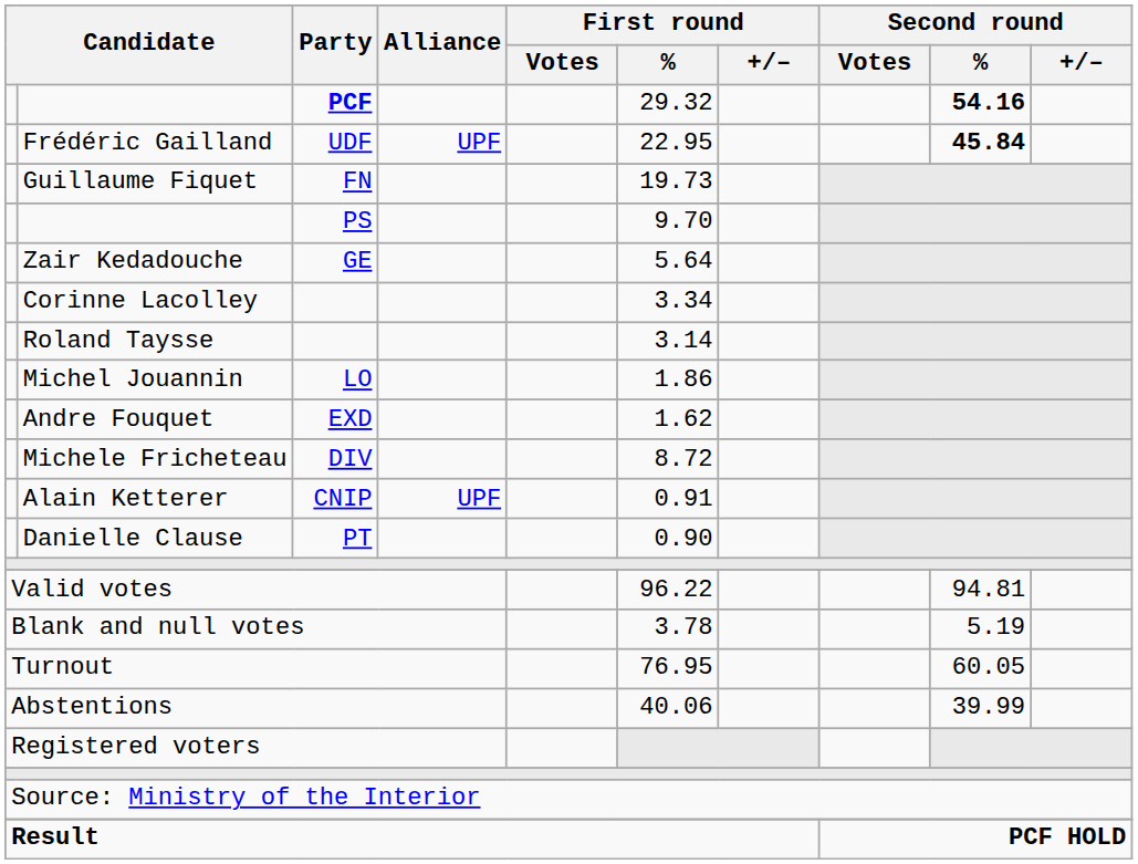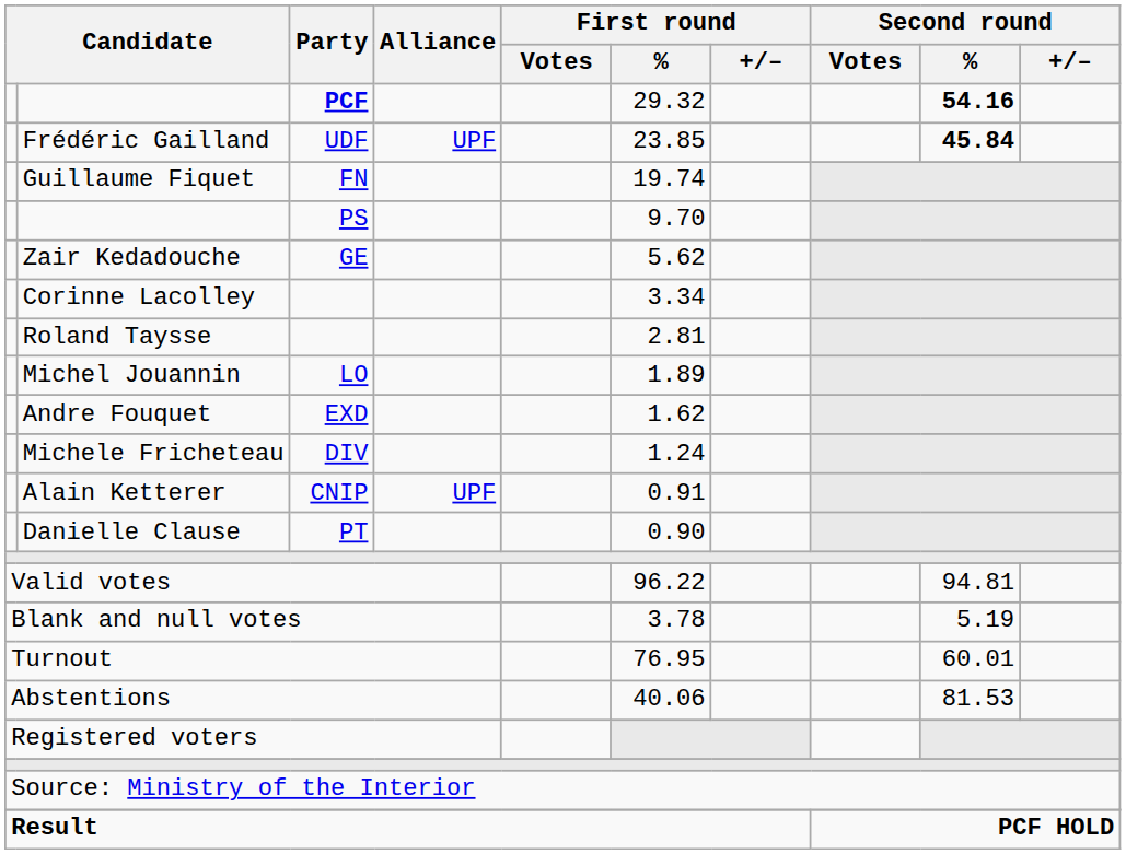 <table class="wikitable" style="text-align:right;font-size:95%;">
 <tr>
 <th rowspan="2" colspan="2">Candidate</th>
 <th rowspan="2">Party</th>
 <th rowspan="2">Alliance</th>
 <th colspan="3">First round</th>
 <th colspan="3">Second round</th>
 </tr>
 <tr>
 <th style="width:50px;">Votes</th>
 <th style="width:45px;">%</th>
 <th style="width:45px;">+/–</th>
 <th style="width:50px;">Votes</th>
 <th style="width:45px;">%</th>
 <th style="width:45px;">+/–</th>
 </tr>
 <tr>
 <td style="color:inherit;background:"></td>
 <td style="text-align:left;"><strong></strong></td>
 <td><a href='#'><strong>PCF</strong></a> </td>
 <td></td>
 <td></td>
 <td>29.32</td>
 <td></td>
 <td><strong></strong></td>
 <td><strong>54.16</strong></td>
 <td></td>
 </tr>
 <tr>
 <td style="color:inherit;background:"></td>
 <td style="text-align:left;">Frédéric Gailland</td>
 <td><a href='#'>UDF</a> </td>
 <td><a href='#'>UPF</a> </td>
 <td></td>
-<td>22.95</td>
+<td>23.85</td>
 <td></td>
 <td></td>
 <td><strong>45.84</strong></td>
 <td></td>
 </tr>
 <tr>
 <td style="color:inherit;background:"></td>
 <td style="text-align:left;">Guillaume Fiquet</td>
 <td><a href='#'>FN</a></td>
 <td></td>
 <td></td>
-<td>19.73</td>
+<td>19.74</td>
 <td></td>
 <td colspan="3" style="background:#E9E9E9;"></td>
 </tr>
 <tr>
 <td style="color:inherit;background:"></td>
 <td style="text-align:left;"></td>
 <td><a href='#'>PS</a></td>
 <td></td>
 <td></td>
 <td>9.70</td>
 <td></td>
 <td colspan="3" style="background:#E9E9E9;"></td>
 </tr>
 <tr>
 <td style="color:inherit;background:"></td>
 <td style="text-align:left;">Zair Kedadouche</td>
 <td><a href='#'>GE</a></td>
 <td></td>
 <td></td>
-<td>5.64</td>
+<td>5.62</td>
 <td></td>
 <td colspan="3" style="background:#E9E9E9;"></td>
 </tr>
 <tr>
 <td style="color:inherit;background:"></td>
 <td style="text-align:left;">Corinne Lacolley</td>
 <td></td>
 <td></td>
 <td></td>
 <td>3.34</td>
 <td></td>
 <td colspan="3" style="background:#E9E9E9;"></td>
 </tr>
 <tr>
 <td style="color:inherit;background:"></td>
 <td style="text-align:left;">Roland Taysse</td>
 <td></td>
 <td></td>
 <td></td>
-<td>3.14</td>
+<td>2.81</td>
 <td></td>
 <td colspan="3" style="background:#E9E9E9;"></td>
 </tr>
 <tr>
 <td style="color:inherit;background:"></td>
 <td style="text-align:left;">Michel Jouannin</td>
 <td><a href='#'>LO</a></td>
 <td></td>
 <td></td>
-<td>1.86</td>
+<td>1.89</td>
 <td></td>
 <td colspan="3" style="background:#E9E9E9;"></td>
 </tr>
 <tr>
 <td style="color:inherit;background:"></td>
 <td style="text-align:left;">Andre Fouquet</td>
 <td><a href='#'>EXD</a></td>
 <td></td>
 <td></td>
 <td>1.62</td>
 <td></td>
 <td colspan="3" style="background:#E9E9E9;"></td>
 </tr>
 <tr>
 <td style="color:inherit;background:"></td>
 <td style="text-align:left;">Michele Fricheteau</td>
 <td><a href='#'>DIV</a></td>
 <td></td>
 <td></td>
-<td>8.72</td>
+<td>1.24</td>
 <td></td>
 <td colspan="3" style="background:#E9E9E9;"></td>
 </tr>
 <tr>
 <td style="color:inherit;background:"></td>
 <td style="text-align:left;">Alain Ketterer</td>
 <td><a href='#'>CNIP</a></td>
 <td><a href='#'>UPF</a></td>
 <td></td>
 <td>0.91</td>
 <td></td>
 <td colspan="3" style="background:#E9E9E9;"></td>
 </tr>
 <tr>
 <td style="color:inherit;background:"></td>
 <td style="text-align:left;">Danielle Clause</td>
 <td><a href='#'>PT</a></td>
 <td></td>
 <td></td>
 <td>0.90</td>
 <td></td>
 <td colspan="3" style="background:#E9E9E9;"></td>
 </tr>
 <tr>
 <td colspan="10" style="background:#E9E9E9;"></td>
 </tr>
 <tr>
 <td colspan="4" style="text-align:left;">Valid votes</td>
 <td></td>
 <td>96.22</td>
 <td></td>
 <td></td>
 <td>94.81</td>
 <td></td>
 </tr>
 <tr>
 <td colspan="4" style="text-align:left;">Blank and null votes</td>
 <td></td>
 <td>3.78</td>
 <td></td>
 <td></td>
 <td>5.19</td>
 <td></td>
 </tr>
 <tr>
 <td colspan="4" style="text-align:left;">Turnout</td>
 <td></td>
 <td>76.95</td>
 <td></td>
 <td></td>
-<td>60.05</td>
+<td>60.01</td>
 <td></td>
 </tr>
 <tr>
 <td colspan="4" style="text-align:left;">Abstentions</td>
 <td></td>
 <td>40.06</td>
 <td></td>
 <td></td>
-<td>39.99</td>
+<td>81.53</td>
 <td></td>
 </tr>
 <tr>
 <td colspan="4" style="text-align:left;">Registered voters</td>
 <td></td>
 <td colspan="2" style="background:#E9E9E9;"></td>
 <td></td>
 <td colspan="2" style="background:#E9E9E9;"></td>
 </tr>
 <tr>
 <td colspan="10" style="background:#E9E9E9;"></td>
 </tr>
 <tr>
 <td colspan="10" style="text-align:left;">Source: <a href='#'>Ministry of the Interior</a></td>
 </tr>
 <tr>
 </tr>
 <tr style="font-weight:bold">
 <td colspan="7" style="text-align:left;">Result</td>
 <td colspan="7" style="background-color:">PCF HOLD</td>
 </tr>
 </table>
